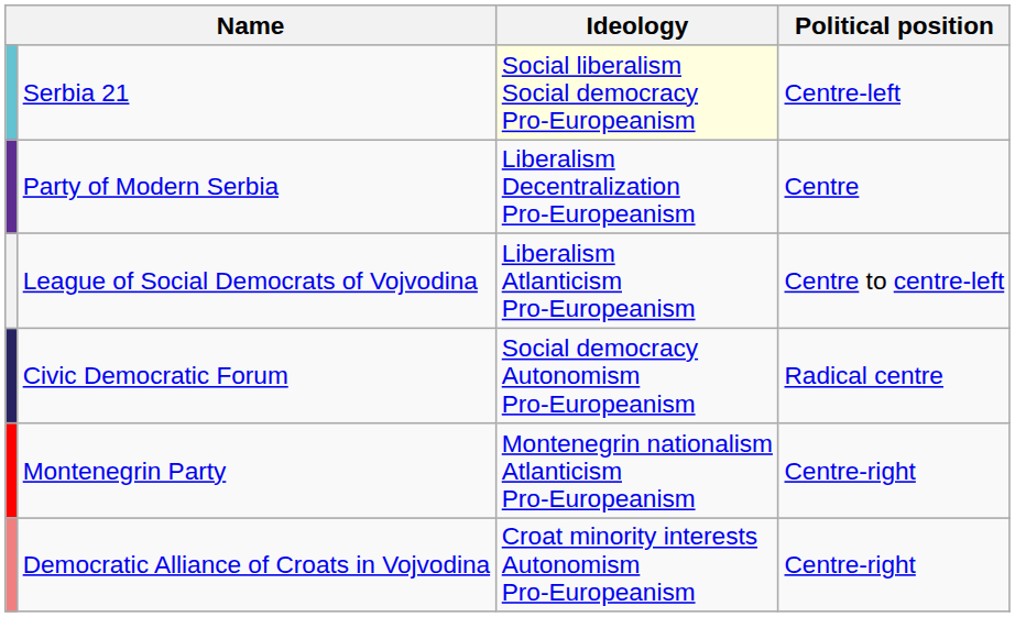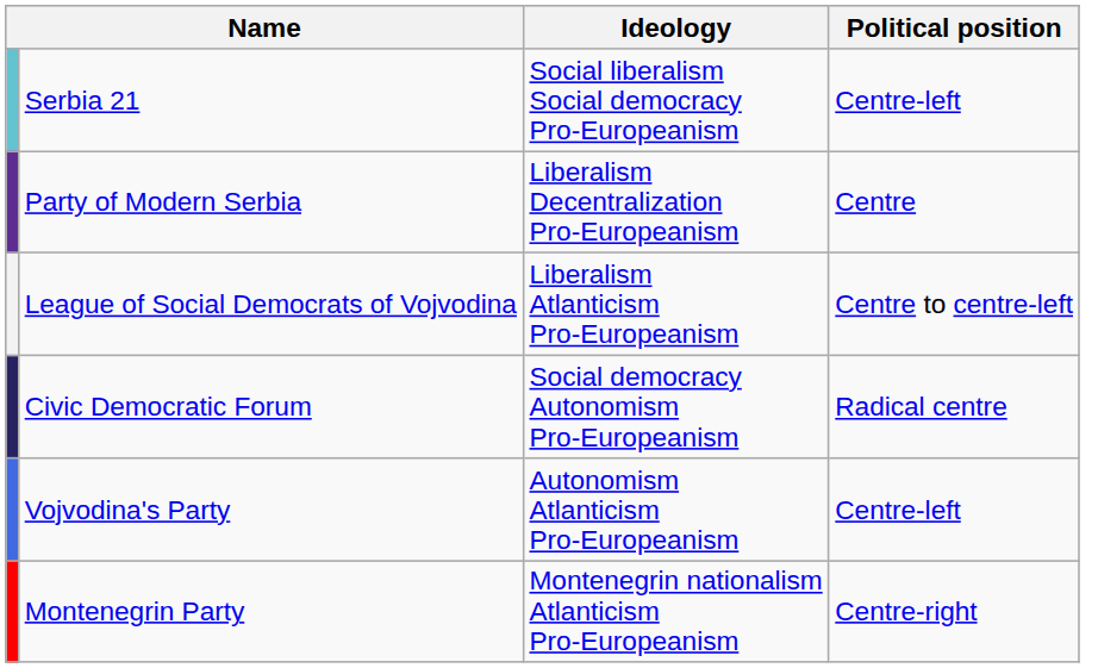 <table class="wikitable" style="text-align; font-size:90%;">
 <tr>
 <th colspan="2">Name</th>
 <th>Ideology</th>
 <th>Political position</th>
 </tr>
 <tr>
 <th style="background-color:#63C3D0; color:white;"></th>
 <td><a href='#'>Serbia 21</a><br></td>
-<td style="background: lightyellow;"><a href='#'>Social liberalism</a><br><a href='#'>Social democracy</a><br><a href='#'>Pro-Europeanism</a></td>
+<td><a href='#'>Social liberalism</a><br><a href='#'>Social democracy</a><br><a href='#'>Pro-Europeanism</a></td>
 <td><a href='#'>Centre-left</a></td>
 </tr>
 <tr>
 <th style="background-color:#5D2D91; color:white;"></th>
 <td><a href='#'>Party of Modern Serbia</a><br></td>
 <td><a href='#'>Liberalism</a><br><a href='#'>Decentralization</a><br><a href='#'>Pro-Europeanism</a></td>
 <td><a href='#'>Centre</a></td>
 </tr>
 <tr>
 <th style="background-color:"></th>
 <td><a href='#'>League of Social Democrats of Vojvodina</a><br></td>
 <td><a href='#'>Liberalism</a><br><a href='#'>Atlanticism</a><br><a href='#'>Pro-Europeanism</a></td>
 <td><a href='#'>Centre</a> to <a href='#'>centre-left</a></td>
 </tr>
 <tr>
 <th style="background-color:#272361; color:white;"></th>
 <td><a href='#'>Civic Democratic Forum</a><br></td>
 <td><a href='#'>Social democracy</a><br><a href='#'>Autonomism</a><br><a href='#'>Pro-Europeanism</a></td>
 <td><a href='#'>Radical centre</a></td>
 </tr>
 <tr>
+<th style="background-color:royalblue; color:white;"></th>
+<td><a href='#'>Vojvodina's Party</a><br></td>
+<td><a href='#'>Autonomism</a><br><a href='#'>Atlanticism</a><br><a href='#'>Pro-Europeanism</a></td>
+<td><a href='#'>Centre-left</a></td>
+</tr>
+<tr>
 <th style="background-color:red; color:white;"></th>
 <td><a href='#'>Montenegrin Party</a><br></td>
 <td><a href='#'>Montenegrin nationalism</a><br><a href='#'>Atlanticism</a><br><a href='#'>Pro-Europeanism</a></td>
 <td><a href='#'>Centre-right</a></td>
 </tr>
-<tr>
-<th style="background-color:lightcoral; color:white;"></th>
-<td><a href='#'>Democratic Alliance of Croats in Vojvodina</a><br></td>
-<td><a href='#'>Croat minority interests</a><br><a href='#'>Autonomism</a><br><a href='#'>Pro-Europeanism</a></td>
-<td><a href='#'>Centre-right</a></td>
-</tr>
 </table>
